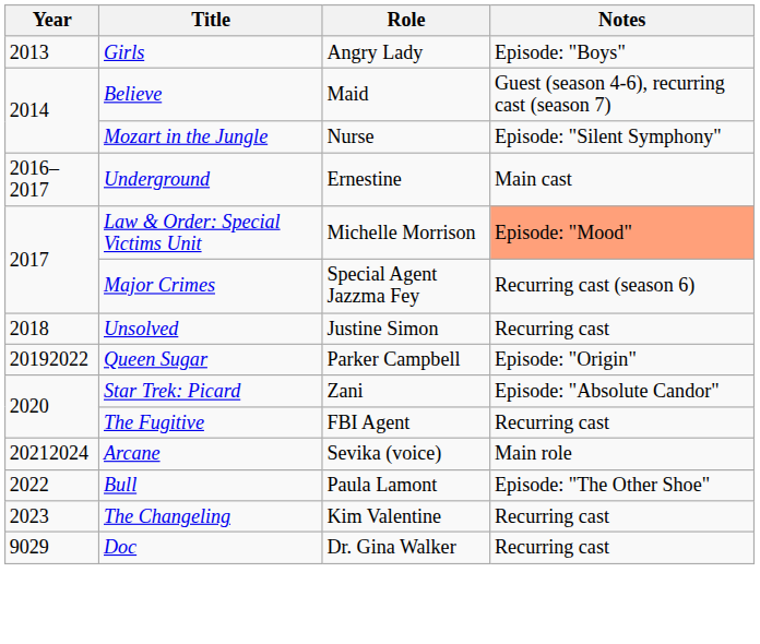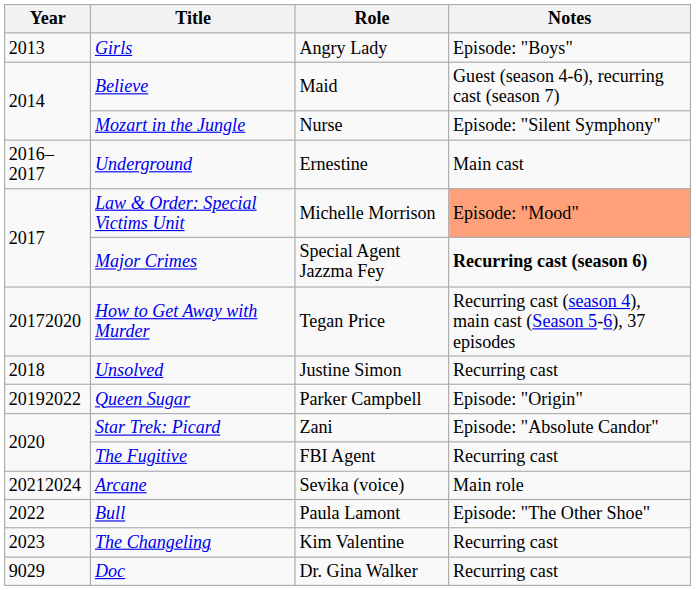 <table class="wikitable sortable">
 <tr>
 <th>Year</th>
 <th>Title</th>
 <th>Role</th>
 <th>Notes</th>
 </tr>
 <tr>
 <td>2013</td>
 <td><em><a href='#'>Girls</a></em></td>
 <td>Angry Lady</td>
 <td>Episode: "Boys"</td>
 </tr>
 <tr>
 <td rowspan="2">2014</td>
 <td><em><a href='#'>Believe</a></em></td>
 <td>Maid</td>
 <td>Guest (season 4-6), recurring cast (season 7)</td>
 </tr>
 <tr>
 <td><em><a href='#'>Mozart in the Jungle</a></em></td>
 <td>Nurse</td>
 <td>Episode: "Silent Symphony"</td>
 </tr>
 <tr>
 <td>2016–2017</td>
 <td><em><a href='#'>Underground</a></em></td>
 <td>Ernestine</td>
 <td>Main cast</td>
 </tr>
 <tr>
 <td rowspan="2">2017</td>
 <td><em><a href='#'>Law & Order: Special Victims Unit</a></em></td>
 <td>Michelle Morrison</td>
 <td style="background: lightsalmon;">Episode: "Mood"</td>
 </tr>
 <tr>
 <td><em><a href='#'>Major Crimes</a></em></td>
 <td>Special Agent Jazzma Fey</td>
-<td>Recurring cast (season 6)</td>
+<td><strong>Recurring cast (season 6)</strong></td>
+</tr>
+<tr>
+<td>20172020</td>
+<td><em><a href='#'>How to Get Away with Murder</a></em></td>
+<td>Tegan Price</td>
+<td>Recurring cast (<a href='#'>season 4</a>),<br>main cast (<a href='#'>Season 5</a>-<a href='#'>6</a>), 37 episodes</td>
 </tr>
 <tr>
 <td>2018</td>
 <td><em><a href='#'>Unsolved</a></em></td>
 <td>Justine Simon</td>
 <td>Recurring cast</td>
 </tr>
 <tr>
 <td>20192022</td>
 <td><em><a href='#'>Queen Sugar</a></em></td>
 <td>Parker Campbell</td>
 <td>Episode: "Origin"</td>
 </tr>
 <tr>
 <td rowspan="2">2020</td>
 <td><em><a href='#'>Star Trek: Picard</a></em></td>
 <td>Zani</td>
 <td>Episode: "Absolute Candor"</td>
 </tr>
 <tr>
 <td><em><a href='#'>The Fugitive</a></em></td>
 <td>FBI Agent</td>
 <td>Recurring cast</td>
 </tr>
 <tr>
 <td>20212024</td>
 <td><em><a href='#'>Arcane</a></em></td>
 <td>Sevika (voice)</td>
 <td>Main role</td>
 </tr>
 <tr>
 <td>2022</td>
 <td><em><a href='#'>Bull</a></em></td>
 <td>Paula Lamont</td>
 <td>Episode: "The Other Shoe"</td>
 </tr>
 <tr>
 <td>2023</td>
 <td><em><a href='#'>The Changeling</a></em></td>
 <td>Kim Valentine</td>
 <td>Recurring cast</td>
 </tr>
 <tr>
 <td>9029</td>
 <td><em><a href='#'>Doc</a></td>
 <td>Dr. Gina Walker</td>
 <td>Recurring cast</td>
 </tr>
 </table>
